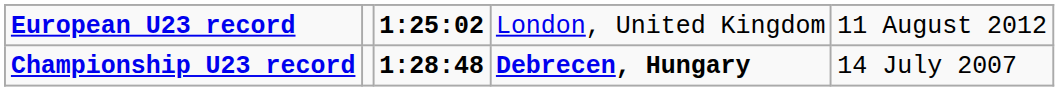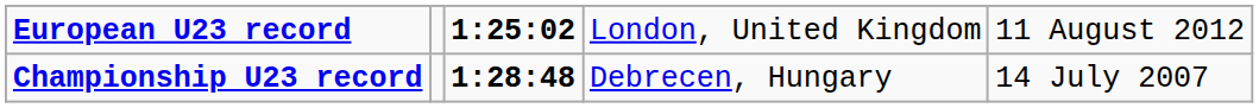 <table class="wikitable">
 <tr>
 <td><strong><a href='#'>European U23 record</a></strong></td>
 <td></td>
 <td><strong>1:25:02</strong></td>
 <td><a href='#'>London</a>, United Kingdom</td>
 <td>11 August 2012</td>
 </tr>
 <tr>
 <td><strong><a href='#'>Championship U23 record</a></strong></td>
 <td></td>
 <td><strong>1:28:48</strong></td>
-<td><strong><a href='#'>Debrecen</a>, Hungary</strong></td>
+<td><a href='#'>Debrecen</a>, Hungary</td>
 <td>14 July 2007</td>
 </tr>
 </table>
